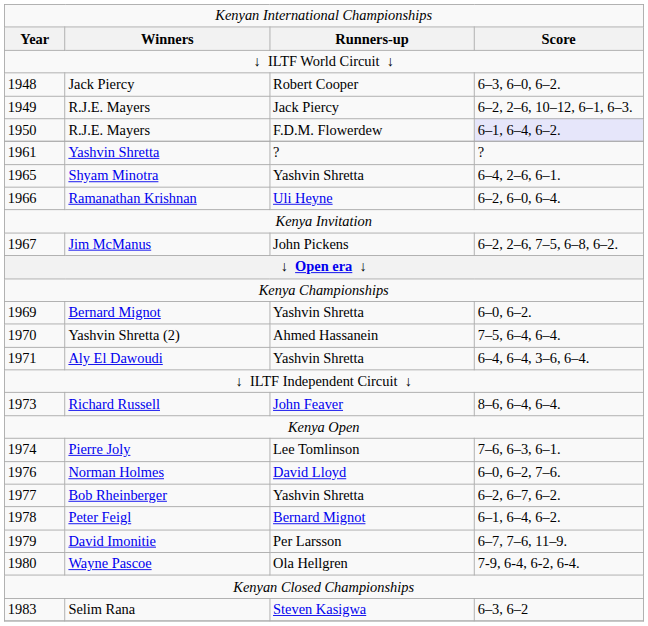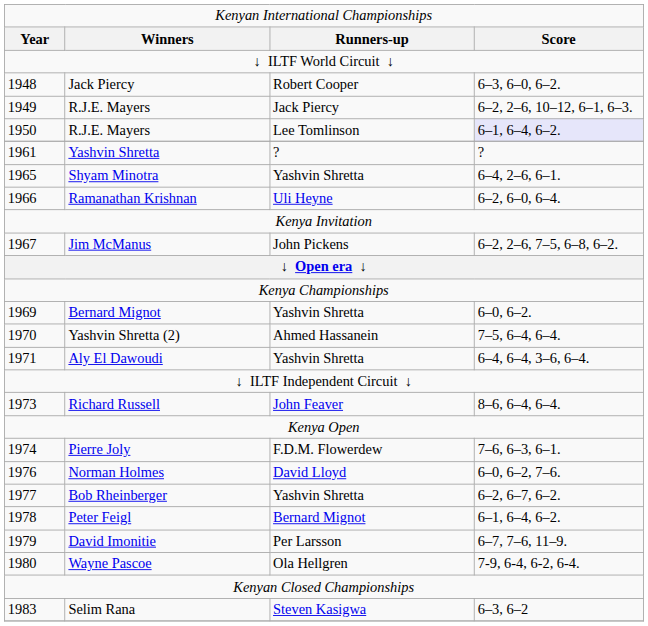 <table class="wikitable sortable">
 <tr>
 <td colspan=4 align=center><em>Kenyan International Championships</em></td>
 </tr>
 <tr>
 <th style="width:60px">Year</th>
 <th style="width:220px">Winners</th>
 <th style="width:220px">Runners-up</th>
 <th style="width:180px" class="unsortable">Score</th>
 </tr>
 <tr>
 <td colspan=4 align=center>↓  ILTF World Circuit  ↓</td>
 </tr>
 <tr>
 <td>1948</td>
 <td> Jack Piercy</td>
 <td> Robert Cooper</td>
 <td>6–3, 6–0, 6–2.</td>
 </tr>
 <tr>
 <td>1949</td>
 <td>  R.J.E. Mayers</td>
 <td> Jack Piercy</td>
 <td>6–2, 2–6, 10–12, 6–1, 6–3.</td>
 </tr>
 <tr>
 <td>1950</td>
 <td>  R.J.E. Mayers</td>
-<td> F.D.M. Flowerdew</td>
+<td> Lee Tomlinson</td>
 <td style="background: lavender;">6–1, 6–4, 6–2.</td>
 </tr>
 <tr 1954                              Saeed Cockar>
 </tr>
 <tr 1955                              Saeed Cockar>
 </tr>
 <tr 1959                              Saeed Cockar>
 <td>1961</td>
 <td> <a href='#'>Yashvin Shretta</a></td>
 <td>?</td>
 <td>?</td>
 </tr>
 <tr 1962                              Saeed Cockar>
 <td>1965</td>
 <td> <a href='#'>Shyam Minotra</a></td>
 <td> Yashvin Shretta</td>
 <td>6–4, 2–6, 6–1.</td>
 </tr>
 <tr>
 <td>1966</td>
 <td> <a href='#'>Ramanathan Krishnan</a></td>
 <td> <a href='#'>Uli Heyne</a></td>
 <td>6–2, 6–0, 6–4.</td>
 </tr>
 <tr>
 <td colspan=4 align=center><em>Kenya Invitation</em></td>
 </tr>
 <tr>
 <td>1967</td>
 <td> <a href='#'>Jim McManus</a></td>
 <td> John Pickens</td>
 <td>6–2, 2–6, 7–5, 6–8, 6–2.</td>
 </tr>
 <tr>
 <th colspan=5 align=center>↓  <a href='#'>Open era</a>  ↓</th>
 </tr>
 <tr>
 <td colspan=4 align=center><em>Kenya Championships</em></td>
 </tr>
 <tr>
 <td>1969</td>
 <td> <a href='#'>Bernard Mignot</a></td>
 <td> Yashvin Shretta</td>
 <td>6–0, 6–2.</td>
 </tr>
 <tr>
 <td>1970</td>
 <td> Yashvin Shretta (2)</td>
 <td> Ahmed Hassanein</td>
 <td>7–5, 6–4, 6–4.</td>
 </tr>
 <tr>
 <td>1971</td>
 <td> <a href='#'>Aly El Dawoudi</a></td>
 <td> Yashvin Shretta</td>
 <td>6–4, 6–4, 3–6, 6–4.</td>
 </tr>
 <tr>
 <td colspan=4 align=center>↓  ILTF Independent Circuit  ↓</td>
 </tr>
 <tr>
 <td>1973</td>
 <td> <a href='#'>Richard Russell</a></td>
 <td> <a href='#'>John Feaver</a></td>
 <td>8–6, 6–4, 6–4.</td>
 </tr>
 <tr>
 <td colspan=4 align=center><em>Kenya Open</em></td>
 </tr>
 <tr>
 <td>1974</td>
 <td> <a href='#'>Pierre Joly</a></td>
-<td> Lee Tomlinson</td>
+<td> F.D.M. Flowerdew</td>
 <td>7–6, 6–3, 6–1.</td>
 </tr>
 <tr>
 <td>1976</td>
 <td> <a href='#'>Norman Holmes</a></td>
 <td> <a href='#'>David Lloyd</a></td>
 <td>6–0, 6–2, 7–6.</td>
 </tr>
 <tr>
 <td>1977</td>
 <td> <a href='#'>Bob Rheinberger</a></td>
 <td> Yashvin Shretta</td>
 <td>6–2, 6–7, 6–2.</td>
 </tr>
 <tr>
 <td>1978</td>
 <td> <a href='#'>Peter Feigl</a></td>
 <td> <a href='#'>Bernard Mignot</a></td>
 <td>6–1, 6–4, 6–2.</td>
 </tr>
 <tr>
 <td>1979</td>
 <td> <a href='#'>David Imonitie</a></td>
 <td> Per Larsson</td>
 <td>6–7, 7–6, 11–9.</td>
 </tr>
 <tr>
 <td>1980</td>
 <td> <a href='#'>Wayne Pascoe</a></td>
 <td> Ola Hellgren</td>
 <td>7-9, 6-4, 6-2, 6-4.</td>
 </tr>
 <tr>
 <td colspan=4 align=center><em>Kenyan Closed Championships</em></td>
 </tr>
 <tr>
 <td>1983</td>
 <td> Selim Rana</td>
 <td>  <a href='#'>Steven Kasigwa</a></td>
 <td>6–3, 6–2</td>
 </tr>
 <tr>
 </tr>
 </table>
